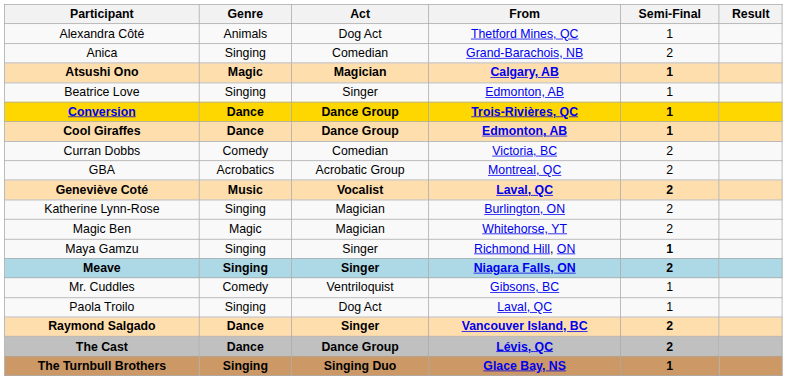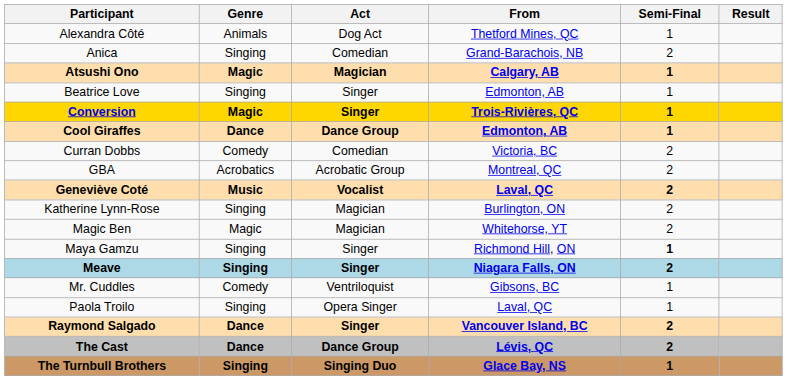 <table class="wikitable sortable" style="margin-right: auto; border: none; width:80%; text-align:center;">
 <tr valign="top">
 <th>Participant</th>
 <th>Genre</th>
 <th class="unsortable">Act</th>
 <th>From</th>
 <th>Semi-Final</th>
 <th>Result</th>
 </tr>
 <tr>
 <td>Alexandra Côté</td>
 <td>Animals</td>
 <td>Dog Act</td>
 <td><a href='#'>Thetford Mines, QC</a></td>
 <td>1</td>
 <td></td>
 </tr>
 <tr>
 <td>Anica </td>
 <td>Singing</td>
 <td>Comedian</td>
 <td><a href='#'>Grand-Barachois, NB</a></td>
 <td>2</td>
 <td></td>
 </tr>
 <tr style="background:NavajoWhite">
 <td><strong>Atsushi Ono</strong></td>
 <td><strong>Magic</strong></td>
 <td><strong>Magician</strong></td>
 <td><strong><a href='#'>Calgary, AB</a></strong></td>
 <td><strong>1</strong></td>
 <td><strong></strong></td>
 </tr>
 <tr>
 <td>Beatrice Love</td>
 <td>Singing</td>
 <td>Singer</td>
 <td><a href='#'>Edmonton, AB</a></td>
 <td>1</td>
 <td></td>
 </tr>
 <tr style="background:gold">
 <td><strong><a href='#'>Conversion</a></strong> </td>
-<td><strong>Dance</strong></td>
-<td><strong>Dance Group</strong></td>
+<td><strong>Magic</strong></td>
+<td><strong>Singer</strong></td>
 <td><strong><a href='#'>Trois-Rivières, QC</a></strong></td>
 <td><strong>1</strong></td>
 <td><strong></strong></td>
 </tr>
 <tr style="background:NavajoWhite">
 <td><strong>Cool Giraffes</strong></td>
 <td><strong>Dance</strong></td>
 <td><strong>Dance Group</strong></td>
 <td><strong><a href='#'>Edmonton, AB</a></strong></td>
 <td><strong>1</strong></td>
 <td><strong></strong></td>
 </tr>
 <tr>
 <td>Curran Dobbs</td>
 <td>Comedy</td>
 <td>Comedian</td>
 <td><a href='#'>Victoria, BC</a></td>
 <td>2</td>
 <td></td>
 </tr>
 <tr>
 <td>GBA</td>
 <td>Acrobatics</td>
 <td>Acrobatic Group</td>
 <td><a href='#'>Montreal, QC</a></td>
 <td>2</td>
 <td></td>
 </tr>
 <tr style="background:NavajoWhite">
 <td><strong>Geneviève Coté</strong> </td>
 <td><strong>Music</strong></td>
 <td><strong>Vocalist</strong></td>
 <td><strong><a href='#'>Laval, QC</a></strong></td>
 <td><strong>2</strong></td>
 <td><strong></strong></td>
 </tr>
 <tr>
 <td>Katherine Lynn-Rose</td>
 <td>Singing</td>
 <td>Magician</td>
 <td><a href='#'>Burlington, ON</a></td>
 <td>2</td>
 <td></td>
 </tr>
 <tr>
 <td>Magic Ben</td>
 <td>Magic</td>
 <td>Magician</td>
 <td><a href='#'>Whitehorse, YT</a></td>
 <td>2</td>
 <td></td>
 </tr>
 <tr>
 <td>Maya Gamzu </td>
 <td>Singing</td>
 <td>Singer</td>
 <td><a href='#'>Richmond Hill</a>, <a href='#'>ON</a></td>
 <td><strong>1</strong></td>
 <td></td>
 </tr>
 <tr style="background:lightblue">
 <td><strong>Meave</strong></td>
 <td><strong>Singing</strong></td>
 <td><strong>Singer</strong></td>
 <td><strong><a href='#'>Niagara Falls, ON</a></strong></td>
 <td><strong>2</strong></td>
 <td><strong></strong></td>
 </tr>
 <tr>
 <td>Mr. Cuddles</td>
 <td>Comedy</td>
 <td>Ventriloquist</td>
 <td><a href='#'>Gibsons, BC</a></td>
 <td>1</td>
 <td></td>
 </tr>
 <tr>
 <td>Paola Troilo</td>
 <td>Singing</td>
-<td>Dog Act</td>
+<td>Opera Singer</td>
 <td><a href='#'>Laval, QC</a></td>
 <td>1</td>
 <td></td>
 </tr>
 <tr style="background:NavajoWhite">
 <td><strong>Raymond Salgado</strong></td>
 <td><strong>Dance</strong></td>
 <td><strong>Singer</strong></td>
 <td><strong><a href='#'>Vancouver Island, BC</a></strong></td>
 <td><strong>2</strong></td>
 <td><strong></strong></td>
 </tr>
 <tr style="background:silver">
 <td><strong>The Cast</strong> </td>
 <td><strong>Dance</strong></td>
 <td><strong>Dance Group</strong></td>
 <td><strong><a href='#'>Lévis, QC</a></strong></td>
 <td><strong>2</strong></td>
 <td><strong></strong></td>
 </tr>
 <tr style="background:#c96">
 <td><strong>The Turnbull Brothers</strong></td>
 <td><strong>Singing</strong></td>
 <td><strong>Singing Duo</strong></td>
 <td><strong><a href='#'>Glace Bay, NS</a></strong></td>
 <td><strong>1</strong></td>
 <td><strong></strong></td>
 </tr>
 </table>
